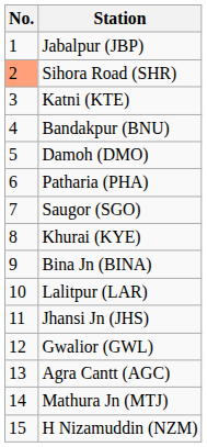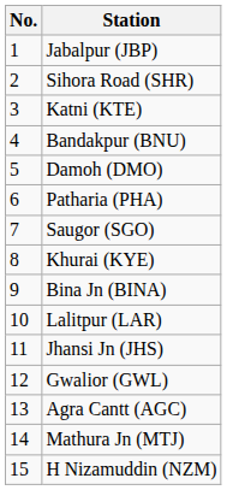 <table class="wikitable">
 <tr>
 <th>No.</th>
 <th>Station</th>
 </tr>
 <tr>
 <td>1</td>
 <td>Jabalpur (JBP)</td>
 </tr>
 <tr>
-<td style="background: lightsalmon;">2</td>
+<td>2</td>
 <td>Sihora Road (SHR)</td>
 </tr>
 <tr>
 <td>3</td>
 <td>Katni (KTE)</td>
 </tr>
 <tr>
 <td>4</td>
 <td>Bandakpur (BNU)</td>
 </tr>
 <tr>
 <td>5</td>
 <td>Damoh (DMO)</td>
 </tr>
 <tr>
 <td>6</td>
 <td>Patharia (PHA)</td>
 </tr>
 <tr>
 <td>7</td>
 <td>Saugor (SGO)</td>
 </tr>
 <tr>
 <td>8</td>
 <td>Khurai (KYE)</td>
 </tr>
 <tr>
 <td>9</td>
 <td>Bina Jn (BINA)</td>
 </tr>
 <tr>
 <td>10</td>
 <td>Lalitpur (LAR)</td>
 </tr>
 <tr>
 <td>11</td>
 <td>Jhansi Jn (JHS)</td>
 </tr>
 <tr>
 <td>12</td>
 <td>Gwalior (GWL)</td>
 </tr>
 <tr>
 <td>13</td>
 <td>Agra Cantt (AGC)</td>
 </tr>
 <tr>
 <td>14</td>
 <td>Mathura Jn (MTJ)</td>
 </tr>
 <tr>
 <td>15</td>
 <td>H Nizamuddin (NZM)</td>
 </tr>
 </table>
